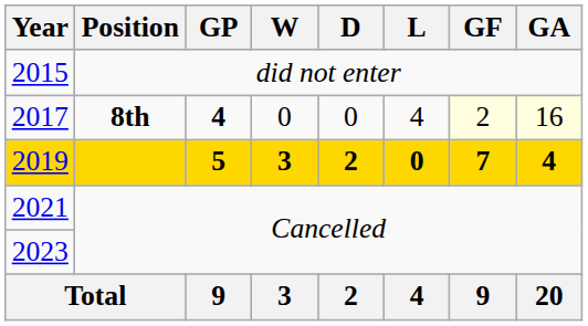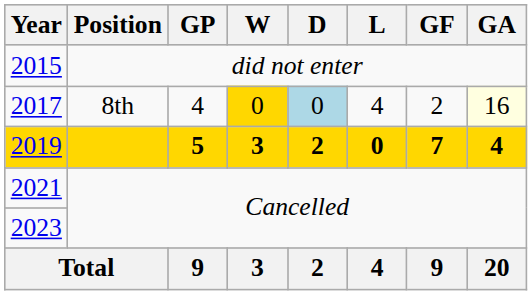 <table class="wikitable" style="text-align: center;">
 <tr>
 <th>Year</th>
 <th>Position</th>
 <th width=30>GP</th>
 <th width=30>W</th>
 <th width=30>D</th>
 <th width=30>L</th>
 <th width=30>GF</th>
 <th width=30>GA</th>
 </tr>
 <tr>
 <td> <a href='#'>2015</a></td>
 <td colspan=7><em>did not enter</em></td>
 </tr>
 <tr>
 <td> <a href='#'>2017</a></td>
-<td><strong>8th</strong></td>
-<td><strong>4</strong></td>
-<td>0</td>
-<td>0</td>
+<td>8th</td>
 <td>4</td>
-<td style="background: lightyellow;">2</td>
+<td style="background: gold;">0</td>
+<td style="background: lightblue;">0</td>
+<td>4</td>
+<td>2</td>
 <td style="background: lightyellow;">16</td>
 </tr>
 <tr style="background:gold">
 <td> <a href='#'>2019</a></td>
 <td></td>
 <td><strong>5</strong></td>
 <td><strong>3</strong></td>
 <td><strong>2</strong></td>
 <td><strong>0</strong></td>
 <td><strong>7</strong></td>
 <td><strong>4</strong></td>
 </tr>
 <tr>
 <td> <a href='#'>2021</a></td>
 <td colspan=7 rowspan=2><em>Cancelled</em></td>
 </tr>
 <tr>
 <td> <a href='#'>2023</a></td>
 </tr>
 <tr>
 <th colspan=2>Total</th>
 <th>9</th>
 <th>3</th>
 <th>2</th>
 <th>4</th>
 <th>9</th>
 <th>20</th>
 </tr>
 </table>
